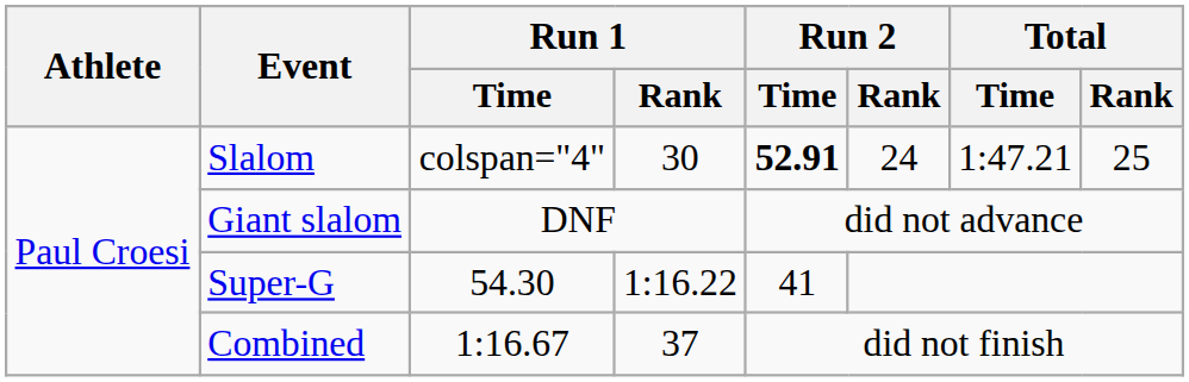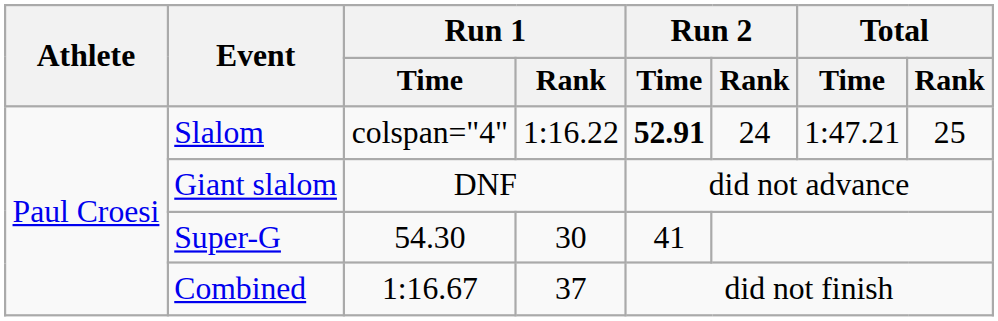 <table class="wikitable" style="font-size:90%">
 <tr>
 <th rowspan=2>Athlete</th>
 <th rowspan=2>Event</th>
 <th colspan=2>Run 1</th>
 <th colspan=2>Run 2</th>
 <th colspan=2>Total</th>
 </tr>
 <tr style="font-size:95%">
 <th>Time</th>
 <th>Rank</th>
 <th>Time</th>
 <th>Rank</th>
 <th>Time</th>
 <th>Rank</th>
 </tr>
 <tr align=center>
 <td style="text-align:left;" rowspan="4"><a href='#'>Paul Croesi</a></td>
 <td align="left"><a href='#'>Slalom</a></td>
 <td>colspan="4" </td>
-<td>30</td>
+<td>1:16.22</td>
 <td><strong>52.91</strong></td>
 <td>24</td>
 <td>1:47.21</td>
 <td>25</td>
 </tr>
 <tr align=center>
 <td align="left"><a href='#'>Giant slalom</a></td>
 <td colspan=2>DNF</td>
 <td colspan=4>did not advance</td>
 </tr>
 <tr align=center>
 <td align="left"><a href='#'>Super-G</a></td>
 <td>54.30</td>
-<td>1:16.22</td>
+<td>30</td>
 <td>41</td>
 </tr>
 <tr align=center>
 <td align="left"><a href='#'>Combined</a></td>
 <td>1:16.67</td>
 <td>37</td>
 <td colspan=4>did not finish</td>
 </tr>
 </table>
